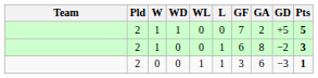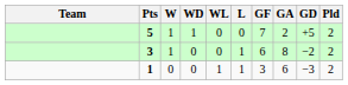 <table class="wikitable" style="text-align:center">
 <tr>
 <th width=175>Team</th>
-<th width=20>Pld</th>
+<th width=20>Pts</th>
 <th width=20>W</th>
 <th width=20>WD</th>
 <th width=20>WL</th>
 <th width=20>L</th>
 <th width=20>GF</th>
 <th width=20>GA</th>
 <th width=20>GD</th>
-<th width=20>Pts</th>
+<th width=20>Pld</th>
 </tr>
 <tr bgcolor=ccffcc>
 <td align=left></td>
-<td>2</td>
+<td><strong>5</strong></td>
 <td>1</td>
 <td>1</td>
 <td>0</td>
 <td>0</td>
 <td>7</td>
 <td>2</td>
 <td>+5</td>
-<td><strong>5</strong></td>
+<td>2</td>
 </tr>
 <tr bgcolor=ccffcc>
 <td align=left></td>
-<td>2</td>
+<td><strong>3</strong></td>
 <td>1</td>
 <td>0</td>
 <td>0</td>
 <td>1</td>
 <td>6</td>
 <td>8</td>
 <td>−2</td>
-<td><strong>3</strong></td>
+<td>2</td>
 </tr>
 <tr>
 <td align=left></td>
-<td>2</td>
+<td><strong>1</strong></td>
 <td>0</td>
 <td>0</td>
 <td>1</td>
 <td>1</td>
 <td>3</td>
 <td>6</td>
 <td>−3</td>
-<td><strong>1</strong></td>
+<td>2</td>
 </tr>
 </table>
